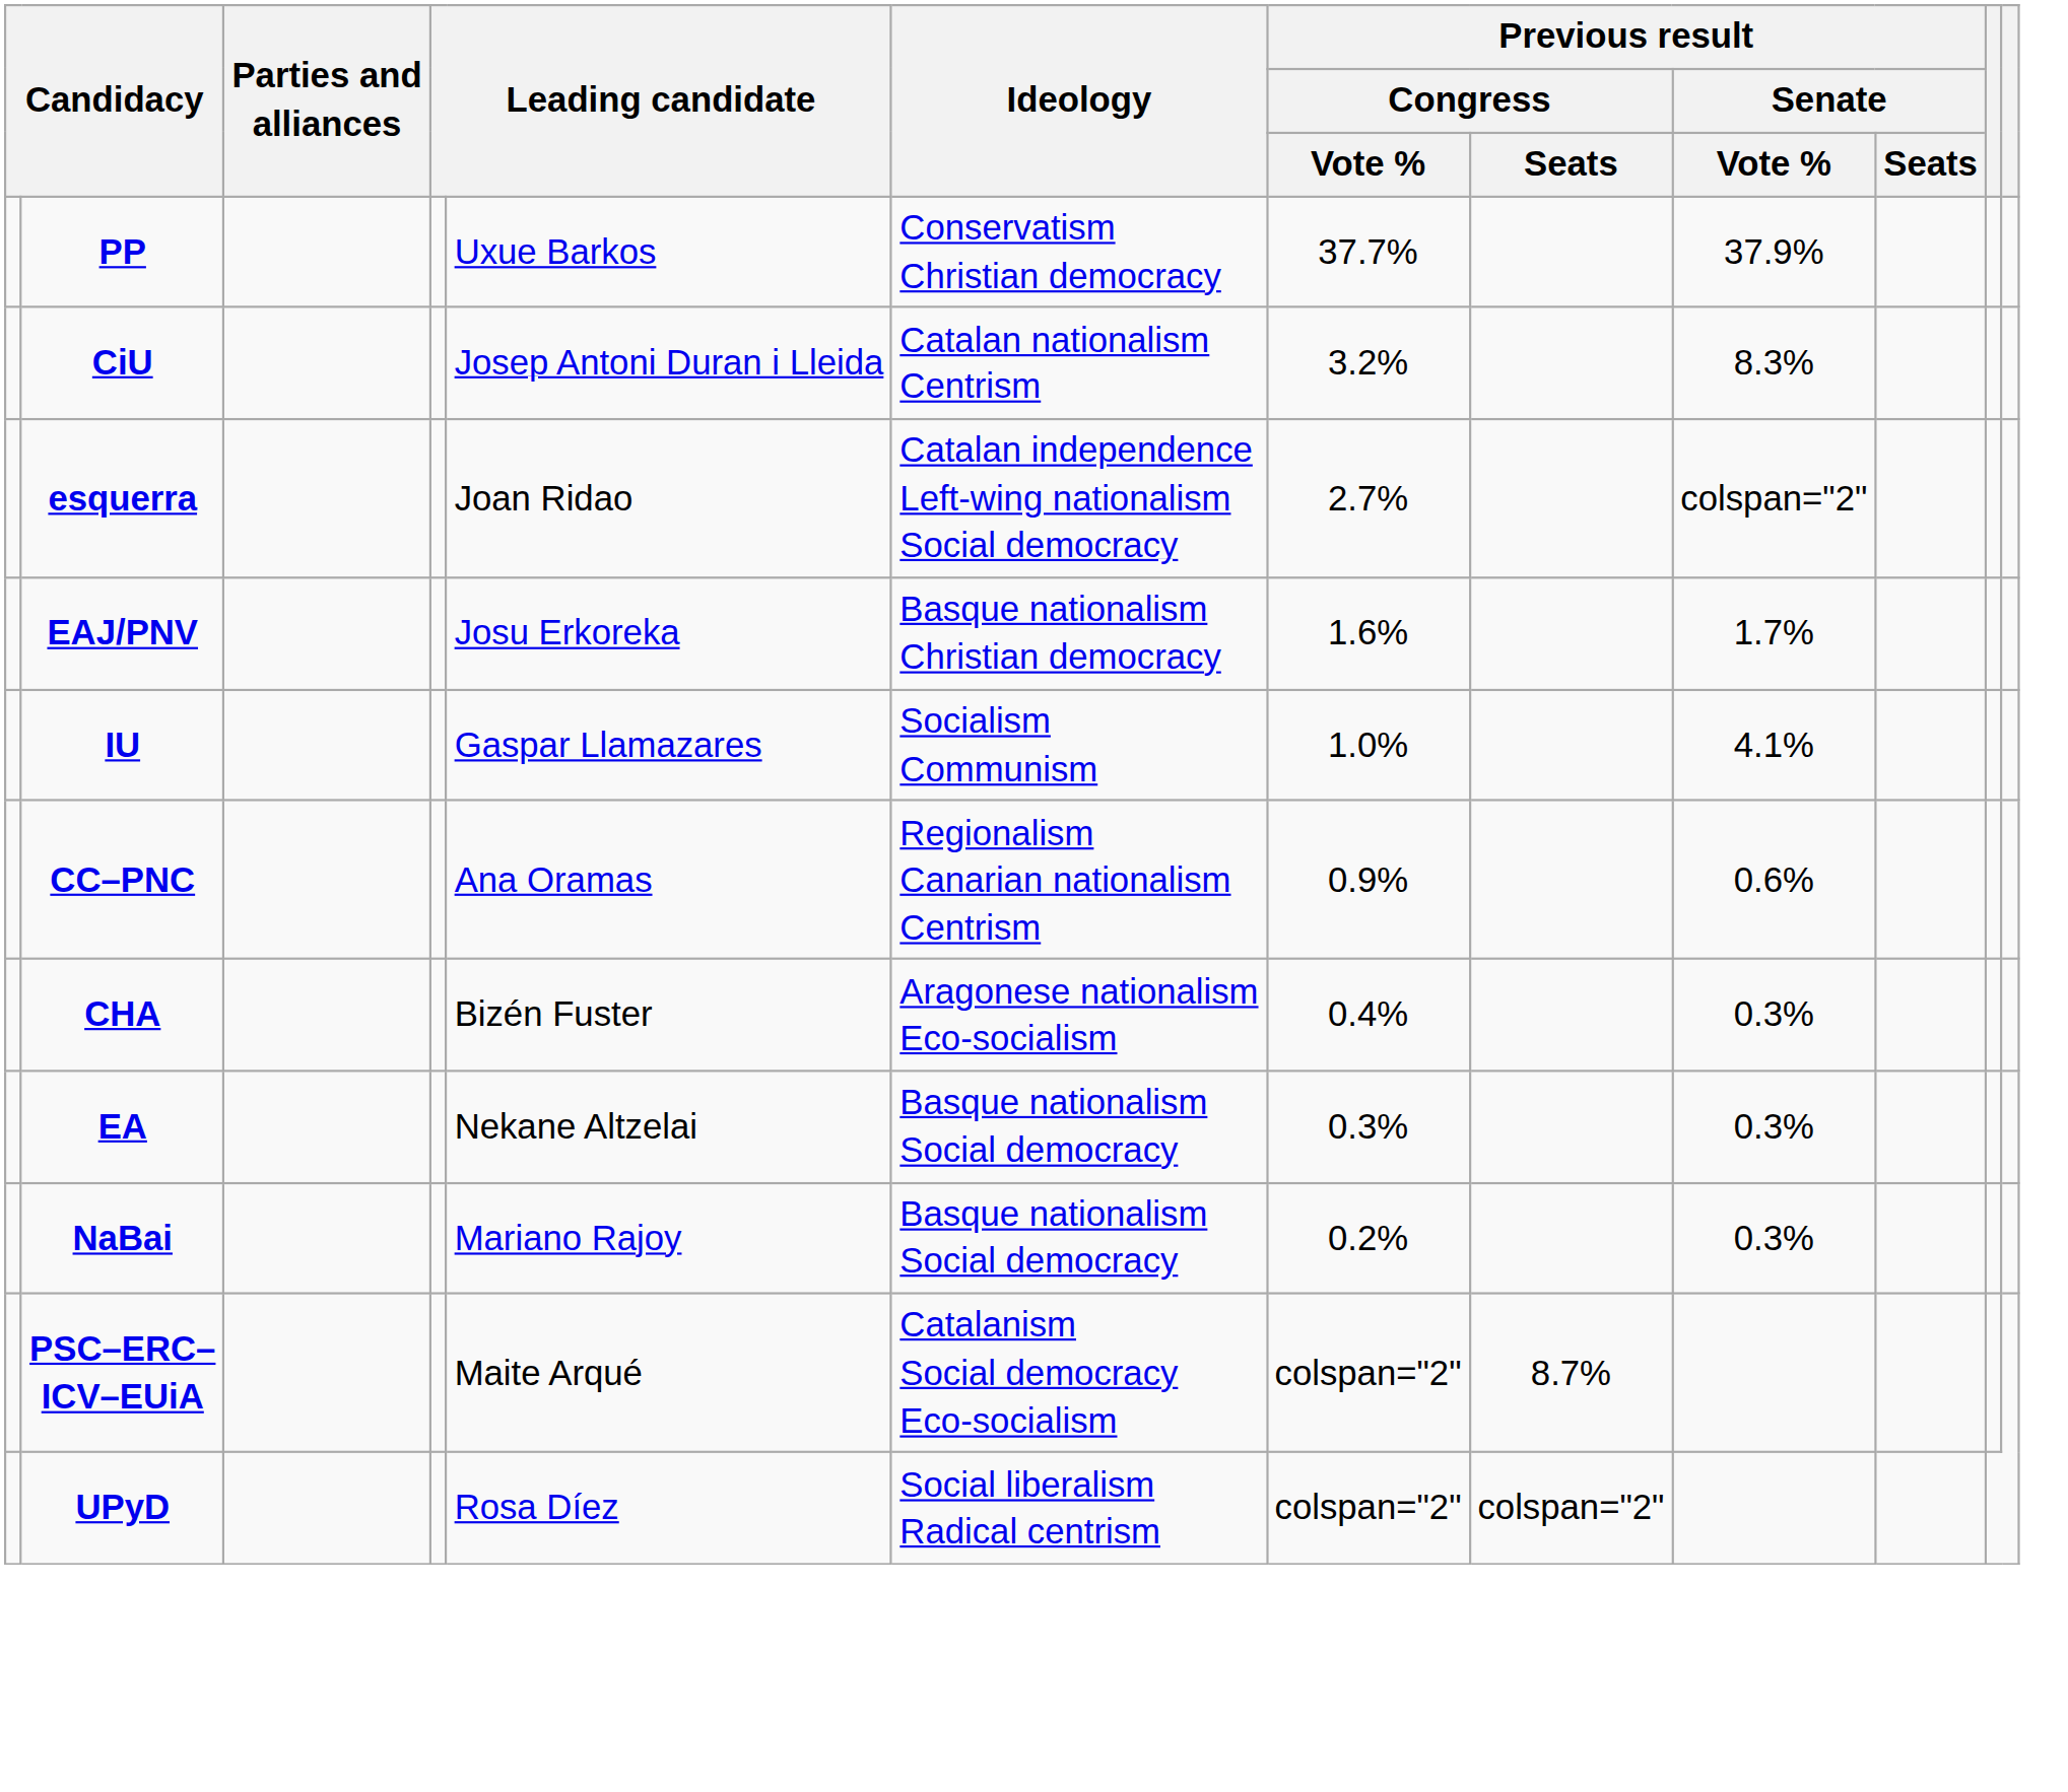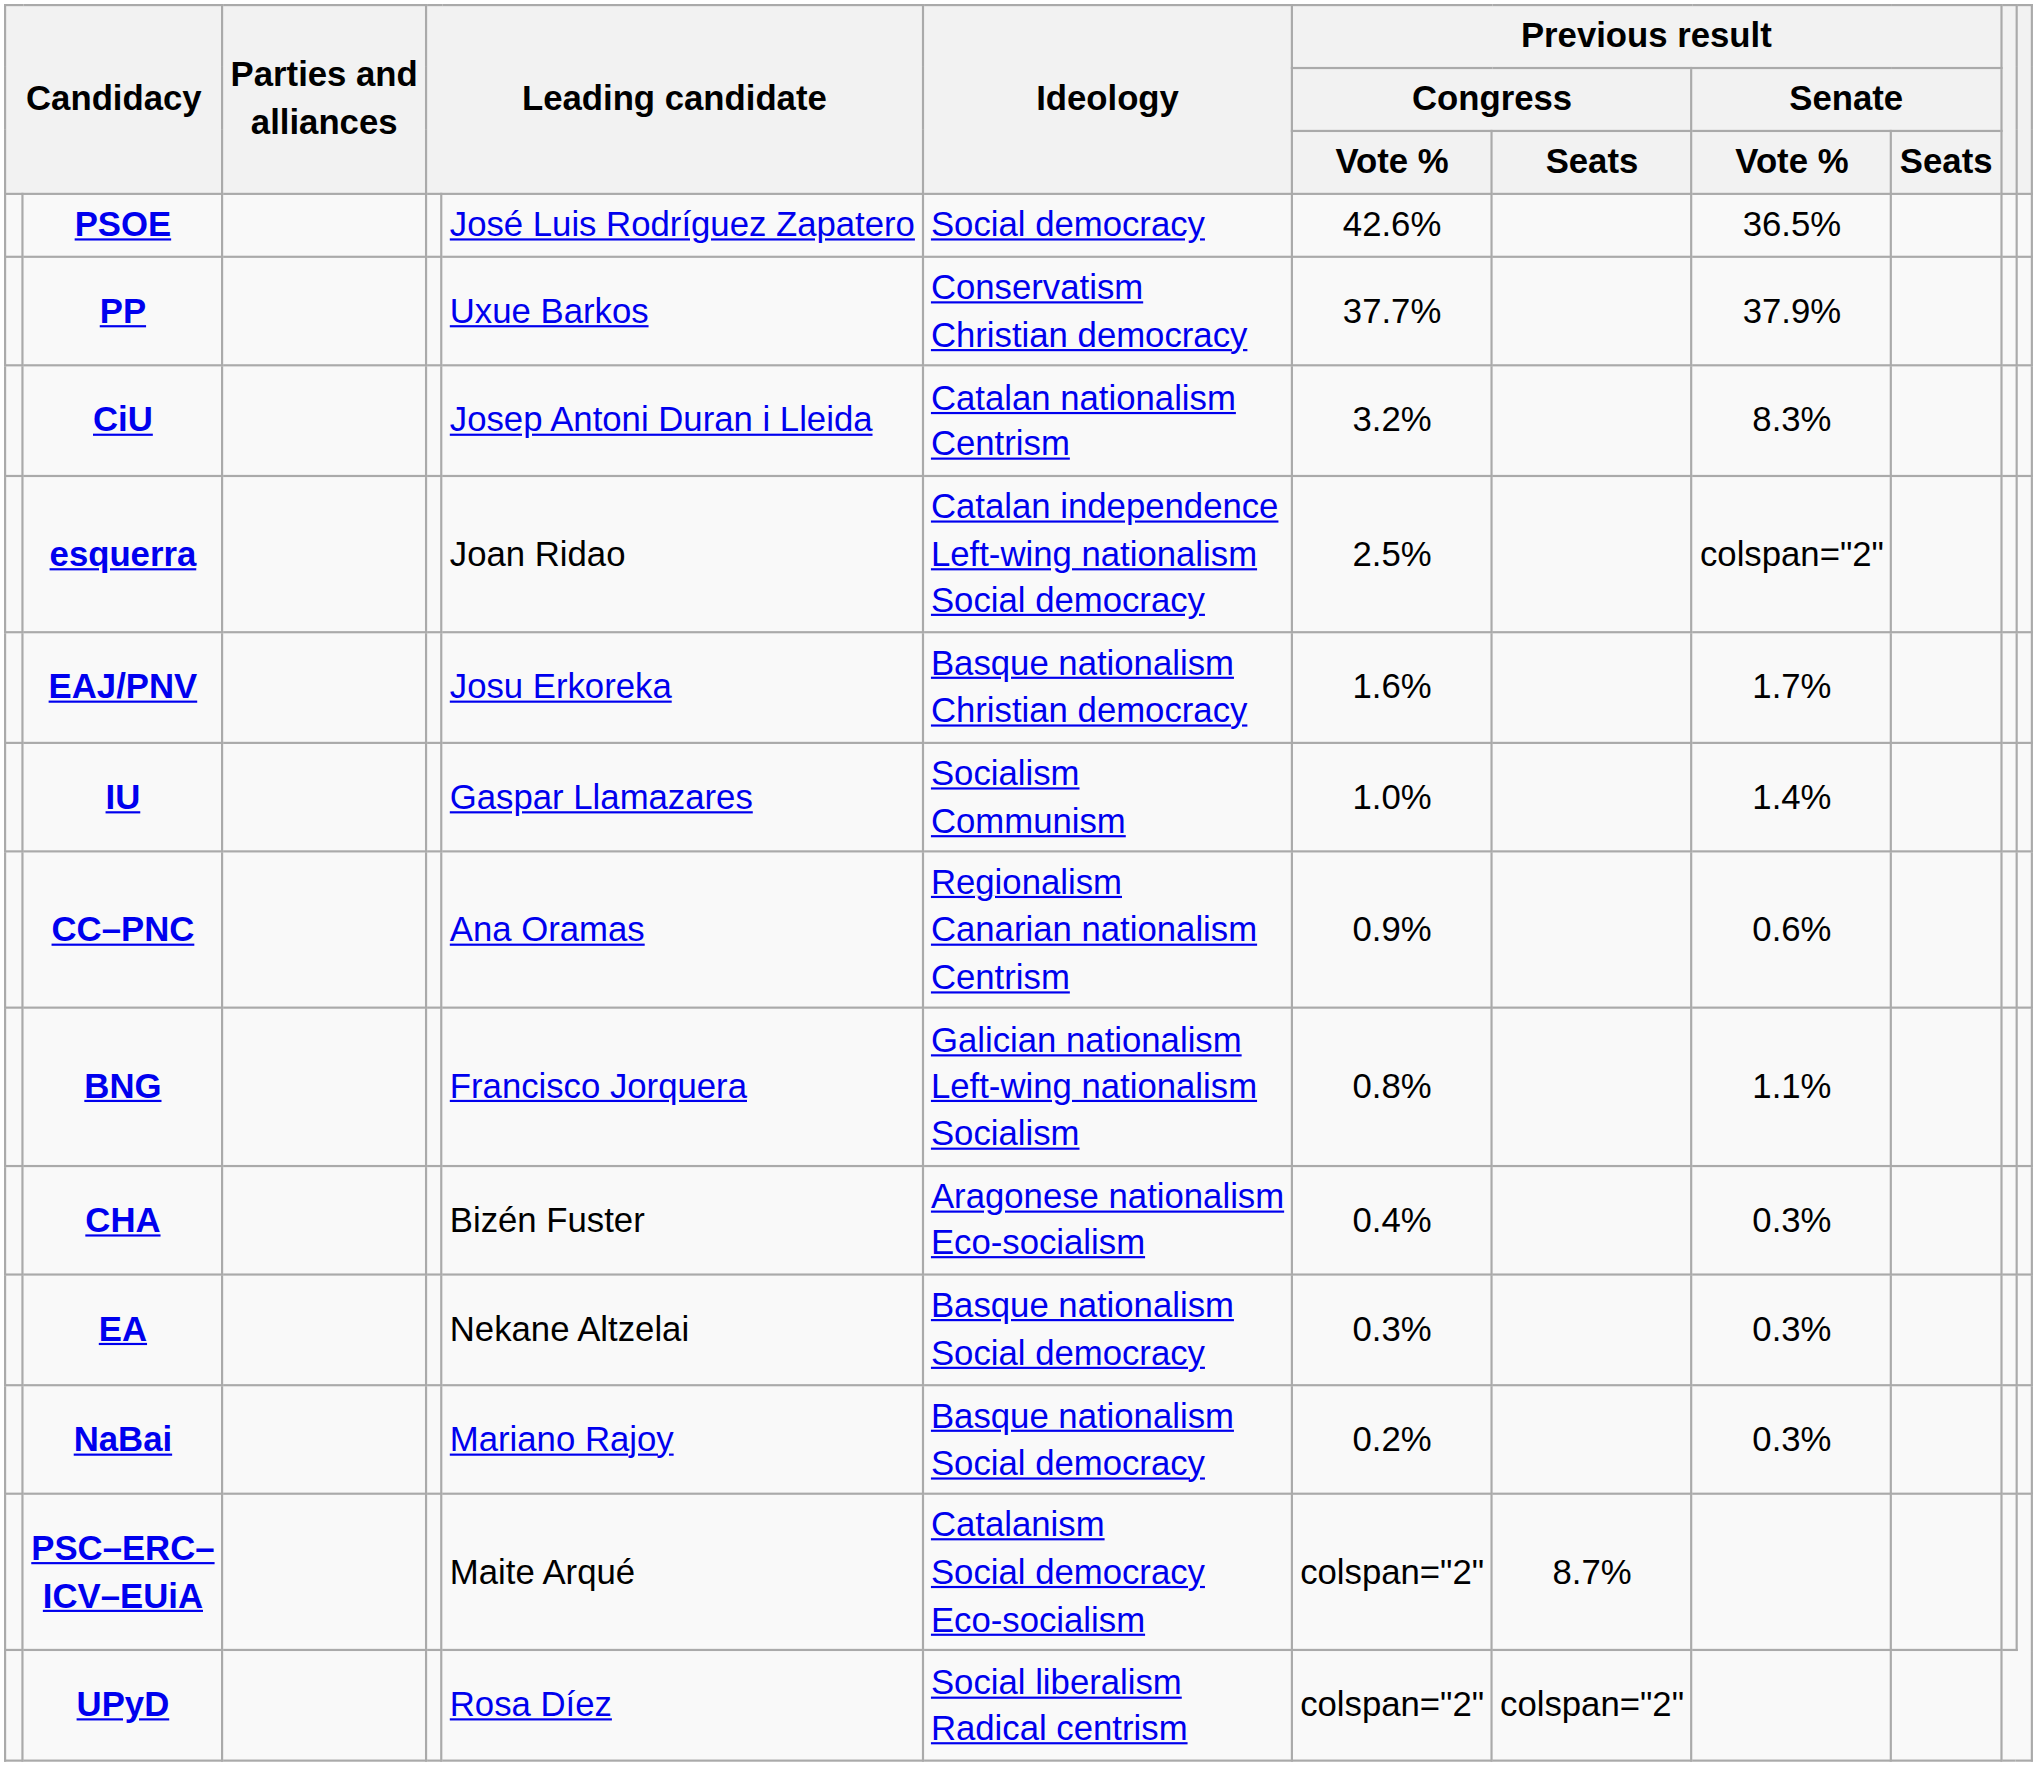 <table class="wikitable" style="line-height:1.35em; text-align:left;">
 <tr>
 <th colspan="2" rowspan="3">Candidacy</th>
 <th rowspan="3">Parties and<br>alliances</th>
 <th colspan="2" rowspan="3">Leading candidate</th>
 <th rowspan="3">Ideology</th>
 <th colspan="4">Previous result</th>
 <th rowspan="3"></th>
 <th rowspan="3"></th>
 </tr>
 <tr>
 <th colspan="2">Congress</th>
 <th colspan="2">Senate</th>
 </tr>
 <tr>
 <th>Vote %</th>
 <th>Seats</th>
 <th>Vote %</th>
 <th>Seats</th>
+</tr>
+<tr>
+<td width="1" style="color:inherit;background:"></td>
+<td align="center"><strong><a href='#'>PSOE</a></strong></td>
+<td></td>
+<td></td>
+<td><a href='#'>José Luis Rodríguez Zapatero</a></td>
+<td><a href='#'>Social democracy</a></td>
+<td align="center">42.6%</td>
+<td></td>
+<td align="center">36.5%</td>
+<td></td>
+<td></td>
+<td><br></td>
 </tr>
 <tr>
 <td style="color:inherit;background:"></td>
 <td align="center"><strong><a href='#'>PP</a></strong></td>
 <td></td>
 <td></td>
 <td><a href='#'>Uxue Barkos</a></td>
 <td><a href='#'>Conservatism</a><br><a href='#'>Christian democracy</a></td>
 <td align="center">37.7%</td>
 <td></td>
 <td align="center">37.9%</td>
 <td></td>
 <td></td>
 <td><br></td>
 </tr>
 <tr>
 <td style="color:inherit;background:"></td>
 <td align="center"><strong><a href='#'>CiU</a></strong></td>
 <td></td>
 <td></td>
 <td><a href='#'>Josep Antoni Duran i Lleida</a></td>
 <td><a href='#'>Catalan nationalism</a><br><a href='#'>Centrism</a></td>
 <td align="center">3.2%</td>
 <td></td>
 <td align="center">8.3%</td>
 <td></td>
 <td></td>
 <td><br></td>
 </tr>
 <tr>
 <td style="color:inherit;background:"></td>
 <td align="center"><strong><a href='#'>esquerra</a></strong></td>
 <td></td>
 <td></td>
 <td>Joan Ridao</td>
 <td><a href='#'>Catalan independence</a><br><a href='#'>Left-wing nationalism</a><br><a href='#'>Social democracy</a></td>
-<td align="center">2.7%</td>
+<td align="center">2.5%</td>
 <td></td>
 <td>colspan="2" </td>
 <td></td>
 <td></td>
 </tr>
 <tr>
 <td style="color:inherit;background:"></td>
 <td align="center"><strong><a href='#'>EAJ/PNV</a></strong></td>
 <td></td>
 <td></td>
 <td><a href='#'>Josu Erkoreka</a></td>
 <td><a href='#'>Basque nationalism</a><br><a href='#'>Christian democracy</a></td>
 <td align="center">1.6%</td>
 <td></td>
 <td align="center">1.7%</td>
 <td></td>
 <td></td>
 <td></td>
 </tr>
 <tr>
 <td style="color:inherit;background:"></td>
 <td align="center"><strong><a href='#'>IU</a></strong></td>
 <td></td>
 <td></td>
 <td><a href='#'>Gaspar Llamazares</a></td>
 <td><a href='#'>Socialism</a><br><a href='#'>Communism</a></td>
 <td align="center">1.0%</td>
 <td></td>
-<td align="center">4.1%</td>
+<td align="center">1.4%</td>
 <td></td>
 <td></td>
 <td></td>
 </tr>
 <tr>
 <td style="color:inherit;background:"></td>
 <td align="center"><strong><a href='#'>CC–PNC</a></strong></td>
 <td></td>
 <td></td>
 <td><a href='#'>Ana Oramas</a></td>
 <td><a href='#'>Regionalism</a><br><a href='#'>Canarian nationalism</a><br><a href='#'>Centrism</a></td>
 <td align="center">0.9%</td>
 <td></td>
 <td align="center">0.6%</td>
 <td></td>
 <td></td>
 <td></td>
+</tr>
+<tr>
+<td style="color:inherit;background:"></td>
+<td align="center"><strong><a href='#'>BNG</a></strong></td>
+<td></td>
+<td></td>
+<td><a href='#'>Francisco Jorquera</a></td>
+<td><a href='#'>Galician nationalism</a><br><a href='#'>Left-wing nationalism</a><br><a href='#'>Socialism</a></td>
+<td align="center">0.8%</td>
+<td></td>
+<td align="center">1.1%</td>
+<td></td>
+<td></td>
+<td><br></td>
 </tr>
 <tr>
 <td style="color:inherit;background:"></td>
 <td align="center"><strong><a href='#'>CHA</a></strong></td>
 <td></td>
 <td></td>
 <td>Bizén Fuster</td>
 <td><a href='#'>Aragonese nationalism</a><br><a href='#'>Eco-socialism</a></td>
 <td align="center">0.4%</td>
 <td></td>
 <td align="center">0.3%</td>
 <td></td>
 <td></td>
 <td></td>
 </tr>
 <tr>
 <td style="color:inherit;background:"></td>
 <td align="center"><strong><a href='#'>EA</a></strong></td>
 <td></td>
 <td></td>
 <td>Nekane Altzelai</td>
 <td><a href='#'>Basque nationalism</a><br><a href='#'>Social democracy</a></td>
 <td align="center">0.3%</td>
 <td></td>
 <td align="center">0.3%</td>
 <td></td>
 <td></td>
 <td></td>
 </tr>
 <tr>
 <td style="color:inherit;background:"></td>
 <td align="center"><strong><a href='#'>NaBai</a></strong></td>
 <td></td>
 <td></td>
 <td><a href='#'>Mariano Rajoy</a></td>
 <td><a href='#'>Basque nationalism</a><br><a href='#'>Social democracy</a></td>
 <td align="center">0.2%</td>
 <td></td>
 <td align="center">0.3%</td>
 <td></td>
 <td></td>
 <td></td>
 </tr>
 <tr>
 <td style="color:inherit;background:"></td>
 <td align="center"><strong><a href='#'>PSC–ERC–<br>ICV–EUiA</a></strong></td>
 <td></td>
 <td></td>
 <td>Maite Arqué</td>
 <td><a href='#'>Catalanism</a><br><a href='#'>Social democracy</a><br><a href='#'>Eco-socialism</a></td>
 <td>colspan="2" </td>
 <td align="center">8.7%</td>
 <td></td>
 <td></td>
 <td></td>
 </tr>
 <tr>
 <td style="color:inherit;background:"></td>
 <td align="center"><strong><a href='#'>UPyD</a></strong></td>
 <td></td>
 <td></td>
 <td><a href='#'>Rosa Díez</a></td>
 <td><a href='#'>Social liberalism</a><br><a href='#'>Radical centrism</a></td>
 <td>colspan="2" </td>
 <td>colspan="2" </td>
 <td></td>
 <td><br></td>
 </tr>
 </table>
